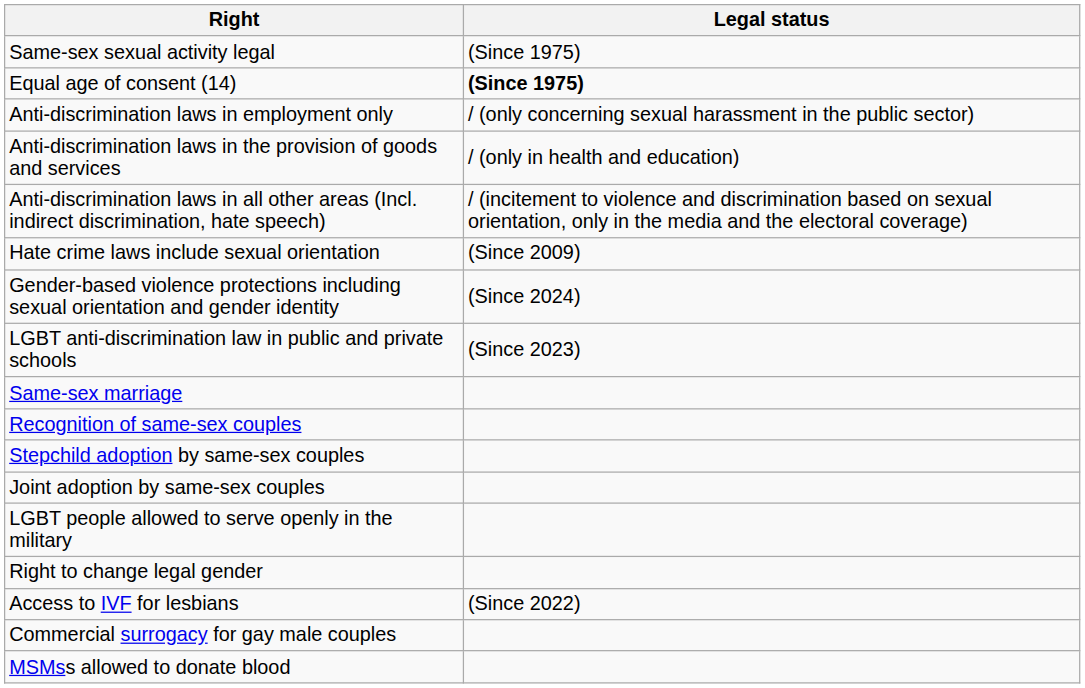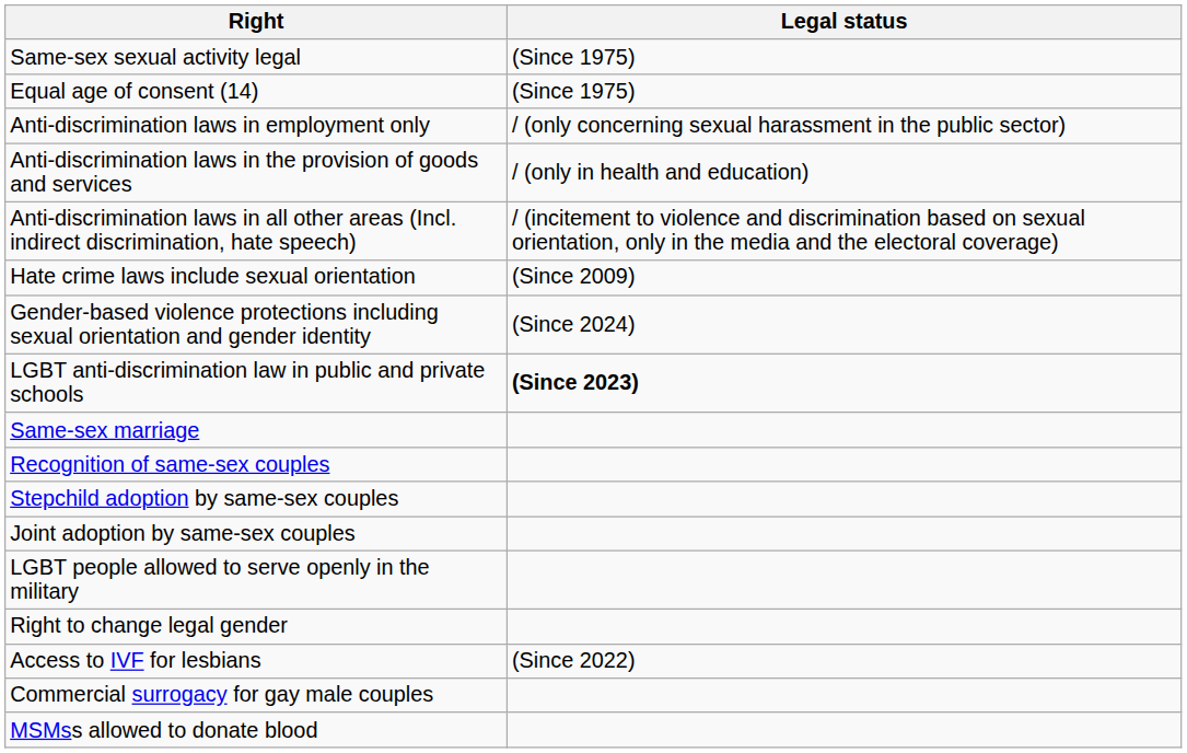 <table class="wikitable">
 <tr>
 <th>Right</th>
 <th>Legal status</th>
 </tr>
 <tr>
 <td>Same-sex sexual activity legal</td>
 <td> (Since 1975)</td>
 </tr>
 <tr>
 <td>Equal age of consent (14)</td>
-<td><strong> (Since 1975)</strong></td>
+<td> (Since 1975)</td>
 </tr>
 <tr>
 <td>Anti-discrimination laws in employment only</td>
 <td>/ (only concerning sexual harassment in the public sector)</td>
 </tr>
 <tr>
 <td>Anti-discrimination laws in the provision of goods and services</td>
 <td>/ (only in health and education)</td>
 </tr>
 <tr>
 <td>Anti-discrimination laws in all other areas (Incl. indirect discrimination, hate speech)</td>
 <td>/ (incitement to violence and discrimination based on sexual orientation, only in the media and the electoral coverage)</td>
 </tr>
 <tr>
 <td>Hate crime laws include sexual orientation</td>
 <td> (Since 2009)</td>
 </tr>
 <tr>
 <td>Gender-based violence protections including sexual orientation and gender identity</td>
 <td> (Since 2024)</td>
 </tr>
 <tr>
 <td>LGBT anti-discrimination law in public and private schools</td>
-<td>  (Since 2023)</td>
+<td><strong>  (Since 2023)</strong></td>
 </tr>
 <tr>
 <td><a href='#'>Same-sex marriage</a></td>
 <td></td>
 </tr>
 <tr>
 <td><a href='#'>Recognition of same-sex couples</a></td>
 <td></td>
 </tr>
 <tr>
 <td><a href='#'>Stepchild adoption</a> by same-sex couples</td>
 <td></td>
 </tr>
 <tr>
 <td>Joint adoption by same-sex couples</td>
 <td></td>
 </tr>
 <tr>
 <td>LGBT people allowed to serve openly in the military</td>
 <td></td>
 </tr>
 <tr>
 <td>Right to change legal gender</td>
 <td></td>
 </tr>
 <tr>
 <td>Access to <a href='#'>IVF</a> for lesbians</td>
 <td> (Since 2022)</td>
 </tr>
 <tr>
 <td>Commercial <a href='#'>surrogacy</a> for gay male couples</td>
 <td></td>
 </tr>
 <tr>
 <td><a href='#'>MSMs</a>s allowed to donate blood</td>
 <td></td>
 </tr>
 </table>
